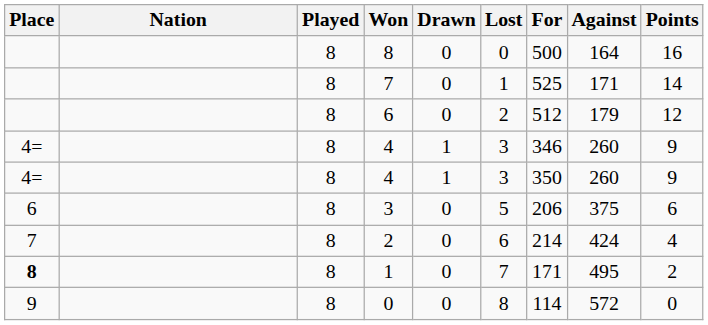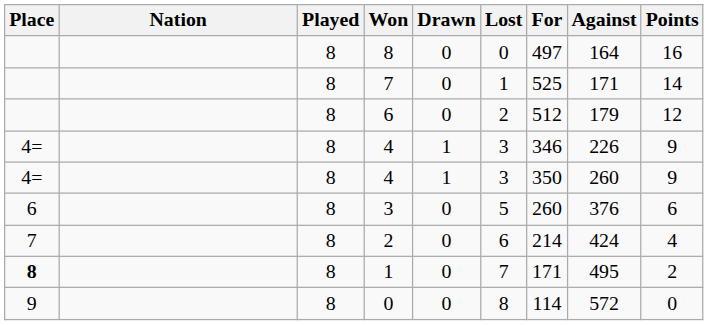 <table class=wikitable style=text-align:center>
 <tr>
 <th width=35>Place</th>
 <th width=185>Nation</th>
 <th width=10>Played</th>
 <th width=10>Won</th>
 <th width=10>Drawn</th>
 <th width=10>Lost</th>
 <th width=10>For</th>
 <th width=10>Against</th>
 <th width=10>Points</th>
 </tr>
 <tr>
 <td></td>
 <td style=text-align:left></td>
 <td>8</td>
 <td>8</td>
 <td>0</td>
 <td>0</td>
-<td>500</td>
+<td>497</td>
 <td>164</td>
 <td>16</td>
 </tr>
 <tr>
 <td></td>
 <td style=text-align:left></td>
 <td>8</td>
 <td>7</td>
 <td>0</td>
 <td>1</td>
 <td>525</td>
 <td>171</td>
 <td>14</td>
 </tr>
 <tr>
 <td></td>
 <td style=text-align:left></td>
 <td>8</td>
 <td>6</td>
 <td>0</td>
 <td>2</td>
 <td>512</td>
 <td>179</td>
 <td>12</td>
 </tr>
 <tr>
 <td>4=</td>
 <td style=text-align:left></td>
 <td>8</td>
 <td>4</td>
 <td>1</td>
 <td>3</td>
 <td>346</td>
-<td>260</td>
+<td>226</td>
 <td>9</td>
 </tr>
 <tr>
 <td>4=</td>
 <td style=text-align:left></td>
 <td>8</td>
 <td>4</td>
 <td>1</td>
 <td>3</td>
 <td>350</td>
 <td>260</td>
 <td>9</td>
 </tr>
 <tr>
 <td>6</td>
 <td style=text-align:left></td>
 <td>8</td>
 <td>3</td>
 <td>0</td>
 <td>5</td>
-<td>206</td>
-<td>375</td>
+<td>260</td>
+<td>376</td>
 <td>6</td>
 </tr>
 <tr>
 <td>7</td>
 <td style=text-align:left></td>
 <td>8</td>
 <td>2</td>
 <td>0</td>
 <td>6</td>
 <td>214</td>
 <td>424</td>
 <td>4</td>
 </tr>
 <tr>
 <td><strong>8</strong></td>
 <td style=text-align:left></td>
 <td>8</td>
 <td>1</td>
 <td>0</td>
 <td>7</td>
 <td>171</td>
 <td>495</td>
 <td>2</td>
 </tr>
 <tr>
 <td>9</td>
 <td style=text-align:left></td>
 <td>8</td>
 <td>0</td>
 <td>0</td>
 <td>8</td>
 <td>114</td>
 <td>572</td>
 <td>0</td>
 </tr>
 </table>
